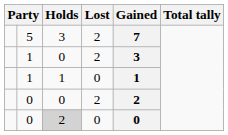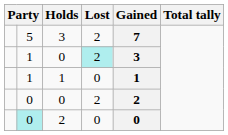 <table class="wikitable notheme" style="text-align:center">
 <tr>
 <th colspan=2>Party</th>
 <th>Holds</th>
 <th>Lost</th>
 <th>Gained</th>
 <th>Total tally</th>
 </tr>
 <tr>
 <td></td>
 <td>5</td>
 <td>3</td>
 <td>2</td>
 <th>7</th>
 </tr>
 <tr>
 <td></td>
 <td>1</td>
 <td>0</td>
-<td>2</td>
+<td style="background: paleturquoise;">2</td>
 <th>3</th>
 </tr>
 <tr>
 <td></td>
 <td>1</td>
 <td>1</td>
 <td>0</td>
 <th>1</th>
 </tr>
 <tr>
 <td></td>
 <td>0</td>
 <td>0</td>
 <td>2</td>
 <th>2</th>
 </tr>
 <tr>
 <td></td>
-<td>0</td>
-<td style="background: lightgrey;">2</td>
+<td style="background: paleturquoise;">0</td>
+<td>2</td>
 <td>0</td>
 <th>0</th>
 </tr>
 </table>
